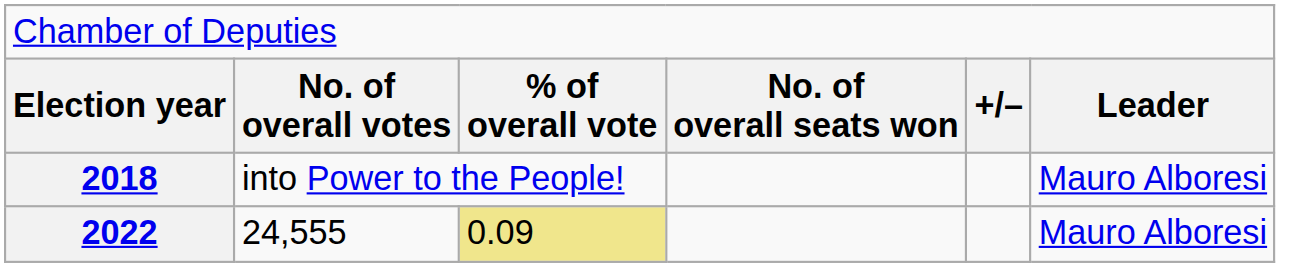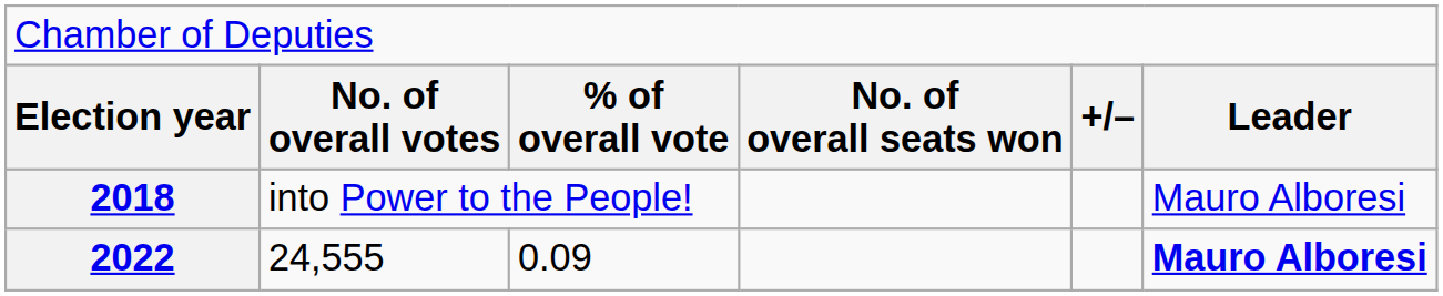 <table class=wikitable>
 <tr>
 <td colspan=6><a href='#'>Chamber of Deputies</a></td>
 </tr>
 <tr>
 <th>Election year</th>
 <th>No. of<br>overall votes</th>
 <th>% of<br>overall vote</th>
 <th>No. of<br>overall seats won</th>
 <th>+/–</th>
 <th>Leader</th>
 </tr>
 <tr>
 <th><a href='#'>2018</a></th>
 <td colspan=2>into <a href='#'>Power to the People!</a></td>
 <td></td>
 <td></td>
 <td><a href='#'>Mauro Alboresi</a></td>
 </tr>
 <tr>
 <th><a href='#'>2022</a></th>
 <td>24,555</td>
-<td style="background: khaki;">0.09</td>
+<td>0.09</td>
 <td></td>
 <td></td>
-<td><a href='#'>Mauro Alboresi</a></td>
+<td><strong><a href='#'>Mauro Alboresi</a></strong></td>
 </tr>
 </table>
